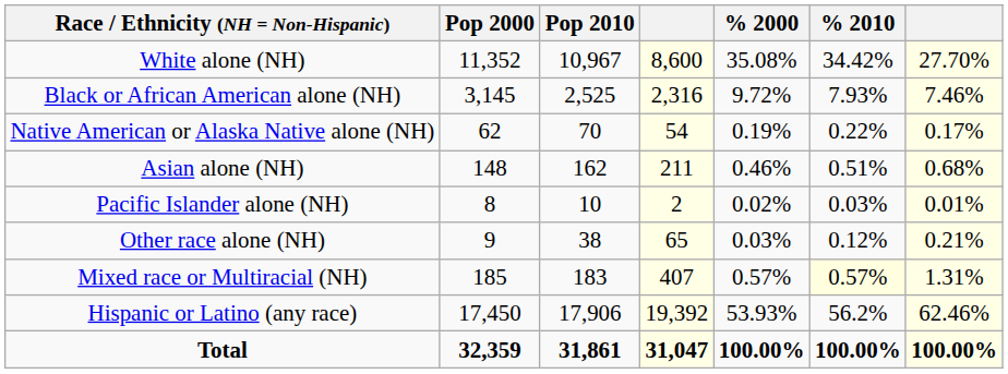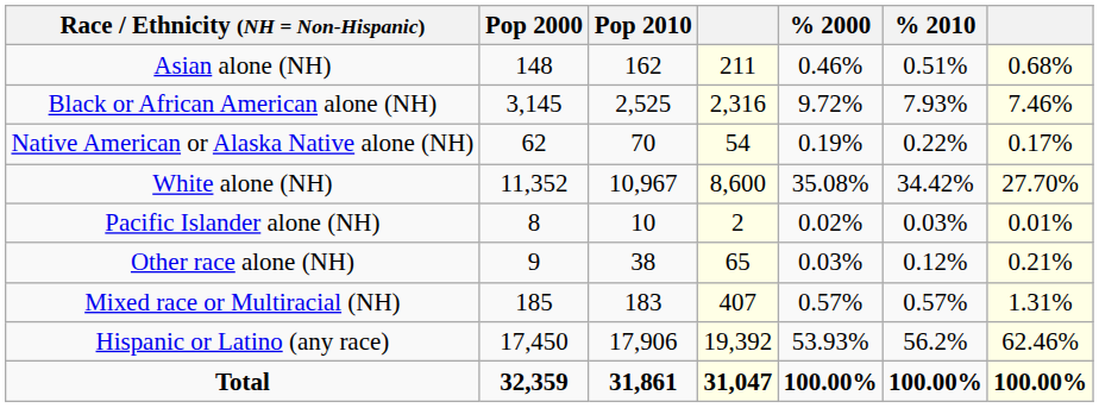 <table class="wikitable" style="text-align:center;">
 <tr>
 <th>Race / Ethnicity <small>(<em>NH = Non-Hispanic</em>)</small></th>
 <th>Pop 2000</th>
 <th>Pop 2010</th>
 <th></th>
 <th>% 2000</th>
 <th>% 2010</th>
 <th></th>
 </tr>
 <tr>
-<td><a href='#'>White</a> alone (NH)</td>
-<td>11,352</td>
-<td>10,967</td>
-<td style='background: #ffffe6;'>8,600</td>
-<td>35.08%</td>
-<td>34.42%</td>
-<td style='background: #ffffe6;'>27.70%</td>
+<td><a href='#'>Asian</a> alone (NH)</td>
+<td>148</td>
+<td>162</td>
+<td style='background: #ffffe6;'>211</td>
+<td>0.46%</td>
+<td>0.51%</td>
+<td style='background: #ffffe6;'>0.68%</td>
 </tr>
 <tr>
 <td><a href='#'>Black or African American</a> alone (NH)</td>
 <td>3,145</td>
 <td>2,525</td>
 <td style='background: #ffffe6;'>2,316</td>
 <td>9.72%</td>
 <td>7.93%</td>
 <td style='background: #ffffe6;'>7.46%</td>
 </tr>
 <tr>
 <td><a href='#'>Native American</a> or <a href='#'>Alaska Native</a> alone (NH)</td>
 <td>62</td>
 <td>70</td>
 <td style='background: #ffffe6;'>54</td>
 <td>0.19%</td>
 <td>0.22%</td>
 <td style='background: #ffffe6;'>0.17%</td>
 </tr>
 <tr>
-<td><a href='#'>Asian</a> alone (NH)</td>
-<td>148</td>
-<td>162</td>
-<td style='background: #ffffe6;'>211</td>
-<td>0.46%</td>
-<td>0.51%</td>
-<td style='background: #ffffe6;'>0.68%</td>
+<td><a href='#'>White</a> alone (NH)</td>
+<td>11,352</td>
+<td>10,967</td>
+<td style='background: #ffffe6;'>8,600</td>
+<td>35.08%</td>
+<td>34.42%</td>
+<td style='background: #ffffe6;'>27.70%</td>
 </tr>
 <tr>
 <td><a href='#'>Pacific Islander</a> alone (NH)</td>
 <td>8</td>
 <td>10</td>
 <td style='background: #ffffe6;'>2</td>
 <td>0.02%</td>
 <td>0.03%</td>
 <td style='background: #ffffe6;'>0.01%</td>
 </tr>
 <tr>
 <td><a href='#'>Other race</a> alone (NH)</td>
 <td>9</td>
 <td>38</td>
 <td style='background: #ffffe6;'>65</td>
 <td>0.03%</td>
 <td>0.12%</td>
 <td style='background: #ffffe6;'>0.21%</td>
 </tr>
 <tr>
 <td><a href='#'>Mixed race or Multiracial</a> (NH)</td>
 <td>185</td>
 <td>183</td>
 <td style='background: #ffffe6;'>407</td>
 <td>0.57%</td>
-<td style="background: lightyellow;">0.57%</td>
+<td>0.57%</td>
 <td style='background: #ffffe6;'>1.31%</td>
 </tr>
 <tr>
 <td><a href='#'>Hispanic or Latino</a> (any race)</td>
 <td>17,450</td>
 <td>17,906</td>
 <td style='background: #ffffe6;'>19,392</td>
 <td>53.93%</td>
 <td>56.2%</td>
 <td style='background: #ffffe6;'>62.46%</td>
 </tr>
 <tr>
 <td><strong>Total</strong></td>
 <td><strong>32,359</strong></td>
 <td><strong>31,861</strong></td>
 <td style='background: #ffffe6;'><strong>31,047</strong></td>
 <td><strong>100.00%</strong></td>
 <td><strong>100.00%</strong></td>
 <td style='background: #ffffe6;'><strong>100.00%</strong></td>
 </tr>
 </table>
